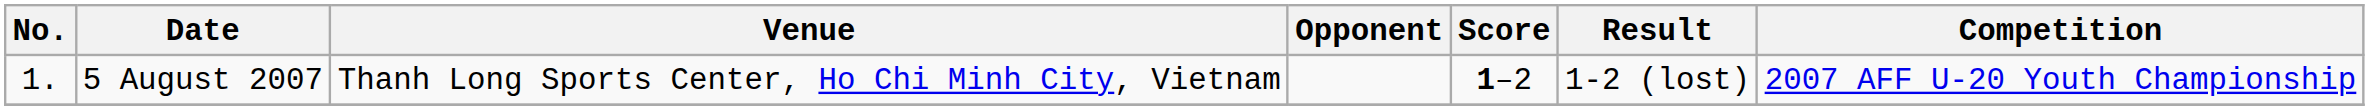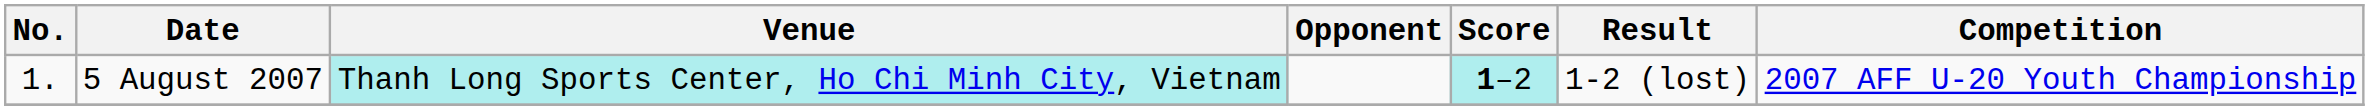 <table class="wikitable" style="font-size:100%;">
 <tr>
 <th>No.</th>
 <th>Date</th>
 <th>Venue</th>
 <th>Opponent</th>
 <th>Score</th>
 <th>Result</th>
 <th>Competition</th>
 </tr>
 <tr>
 <td align=center>1.</td>
 <td>5 August 2007</td>
-<td>Thanh Long Sports Center, <a href='#'>Ho Chi Minh City</a>, Vietnam</td>
+<td style="background: paleturquoise;">Thanh Long Sports Center, <a href='#'>Ho Chi Minh City</a>, Vietnam</td>
 <td></td>
-<td align=center><strong>1</strong>–2</td>
+<td align=center style="background: paleturquoise;"><strong>1</strong>–2</td>
 <td align=center>1-2 (lost)</td>
 <td><a href='#'>2007 AFF U-20 Youth Championship</a></td>
 </tr>
 <tr>
 </tr>
 </table>
